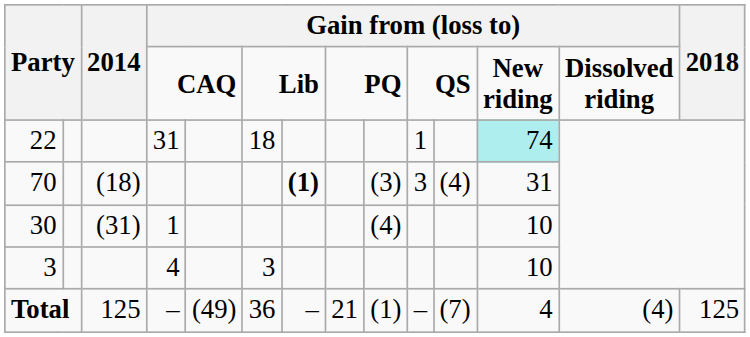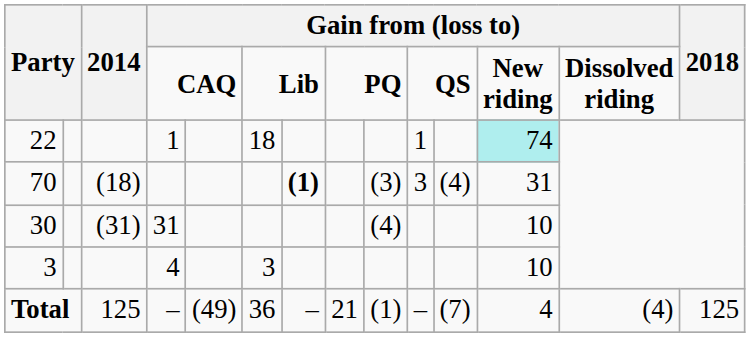 <table class="wikitable" style="text-align:right;">
 <tr>
 <th rowspan="2" colspan="2">Party</th>
 <th rowspan="2">2014</th>
 <th colspan="10">Gain from (loss to)</th>
 <th rowspan="2">2018</th>
 </tr>
 <tr>
 <td colspan="2" ><strong>CAQ</strong></td>
 <td colspan="2" ><strong>Lib</strong></td>
 <td colspan="2" ><strong>PQ</strong></td>
 <td colspan="2" ><strong>QS</strong></td>
 <td align="center"><strong>New<br>riding</strong></td>
 <td align="center"><strong>Dissolved<br>riding</strong></td>
 </tr>
 <tr align = "right">
 <td>22</td>
 <td></td>
 <td></td>
-<td>31</td>
+<td>1</td>
 <td></td>
 <td>18</td>
 <td></td>
 <td></td>
 <td></td>
 <td>1</td>
 <td></td>
 <td style="background: paleturquoise;">74</td>
 </tr>
 <tr>
 <td>70</td>
 <td></td>
 <td>(18)</td>
 <td></td>
 <td></td>
 <td></td>
 <td><strong>(1)</strong></td>
 <td></td>
 <td>(3)</td>
 <td>3</td>
 <td>(4)</td>
 <td>31</td>
 </tr>
 <tr>
 <td>30</td>
 <td></td>
 <td>(31)</td>
-<td>1</td>
+<td>31</td>
 <td></td>
 <td></td>
 <td></td>
 <td></td>
 <td>(4)</td>
 <td></td>
 <td></td>
 <td>10</td>
 </tr>
 <tr>
 <td>3</td>
 <td></td>
 <td></td>
 <td>4</td>
 <td></td>
 <td>3</td>
 <td></td>
 <td></td>
 <td></td>
 <td></td>
 <td></td>
 <td>10</td>
 </tr>
 <tr>
 <td colspan=2 align="left"><strong>Total</strong></td>
 <td>125</td>
 <td>–</td>
 <td>(49)</td>
 <td>36</td>
 <td>–</td>
 <td>21</td>
 <td>(1)</td>
 <td>–</td>
 <td>(7)</td>
 <td>4</td>
 <td>(4)</td>
 <td>125</td>
 </tr>
 </table>
